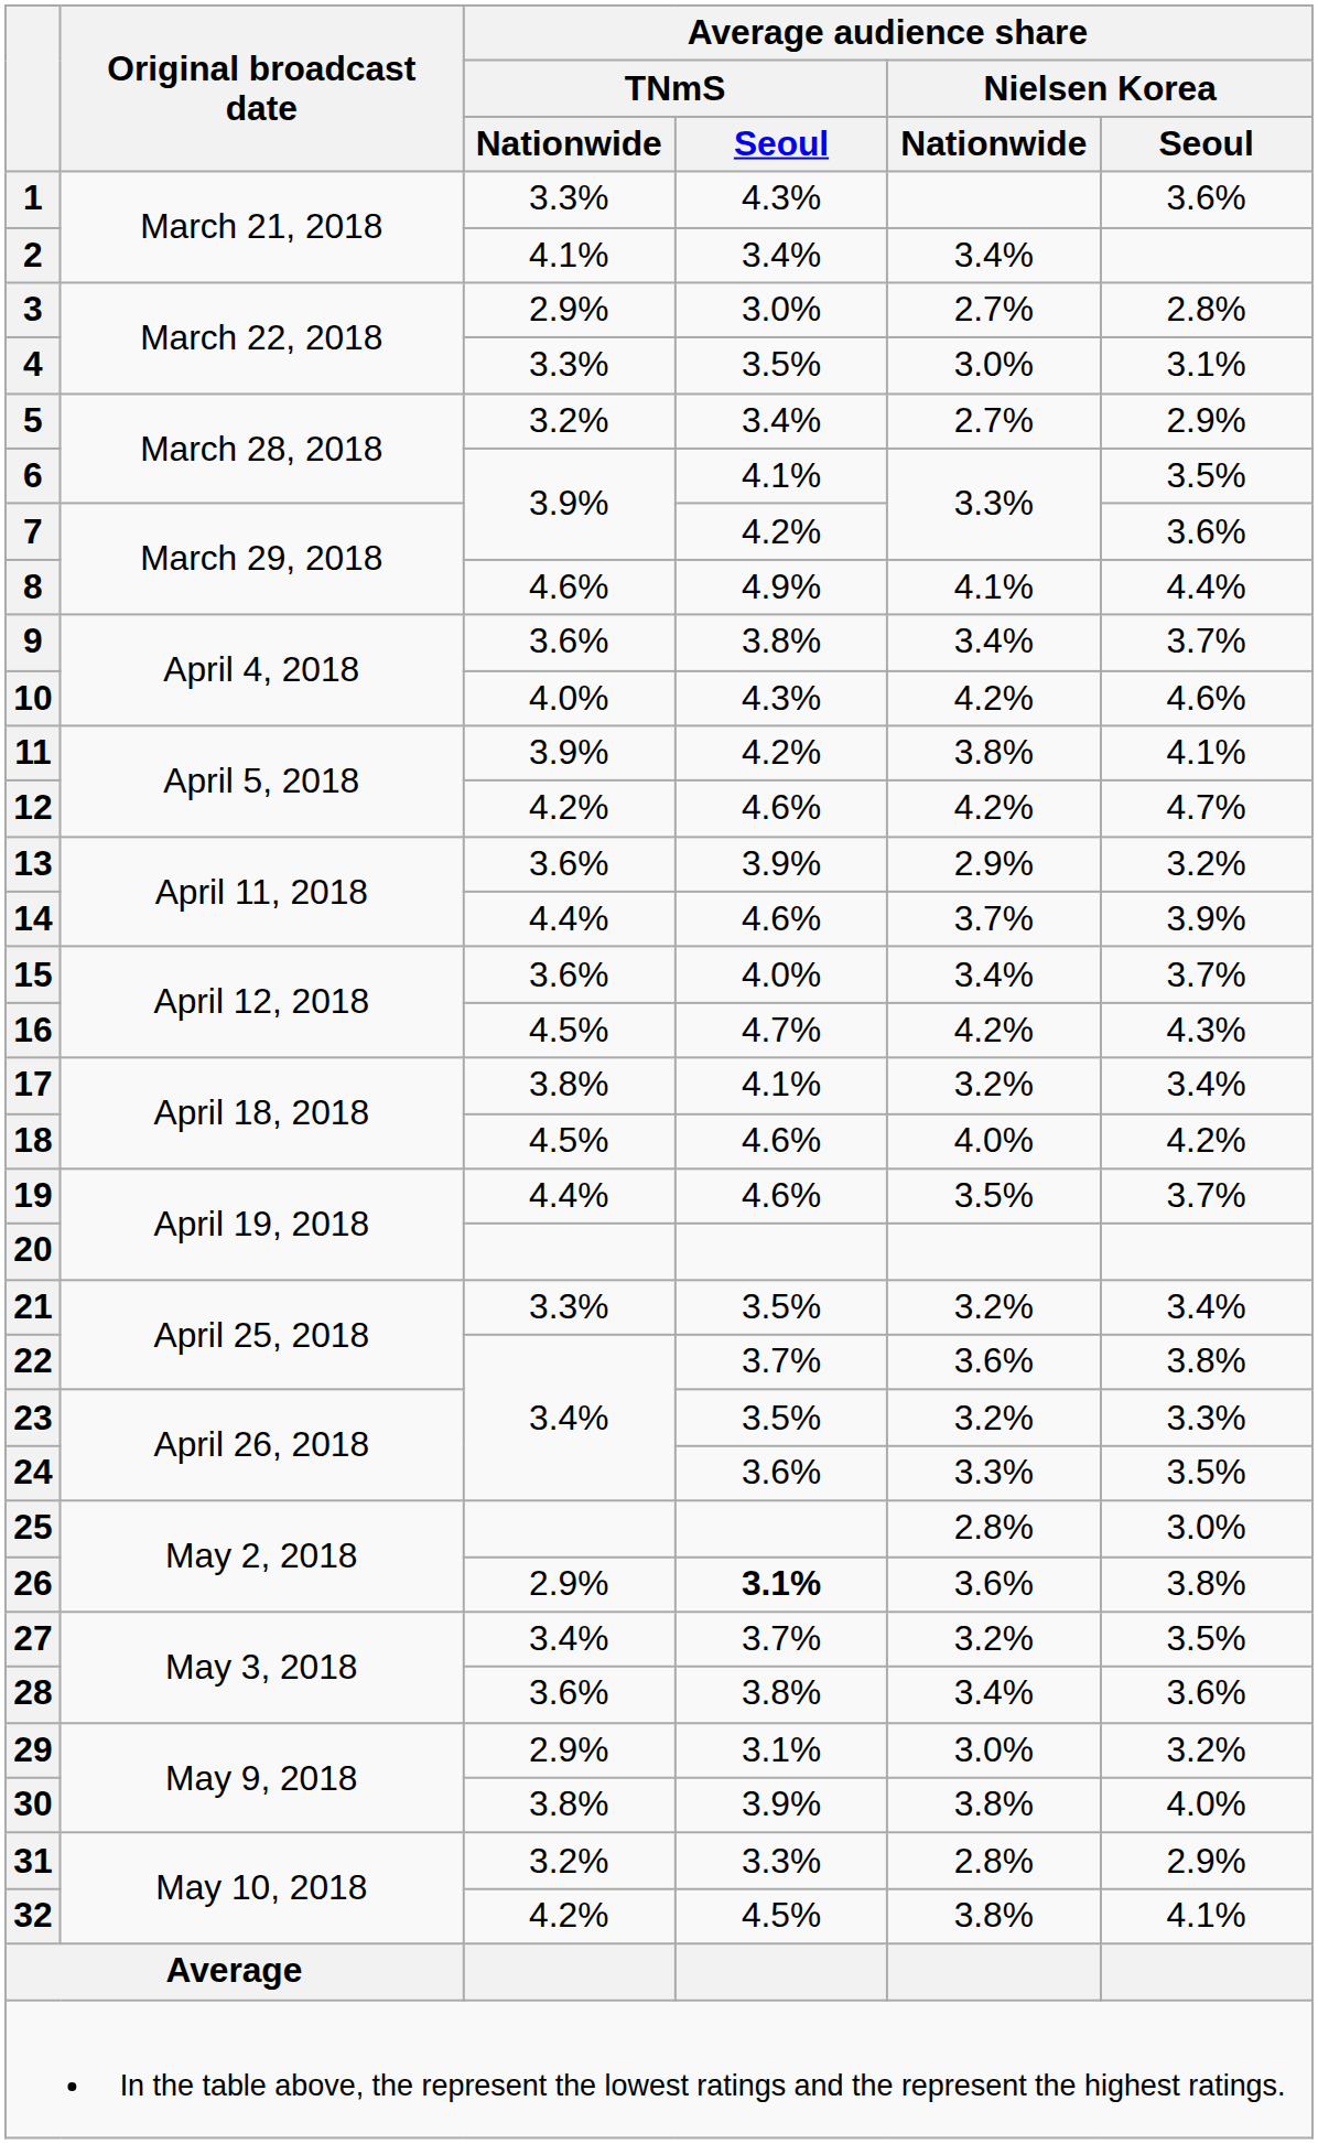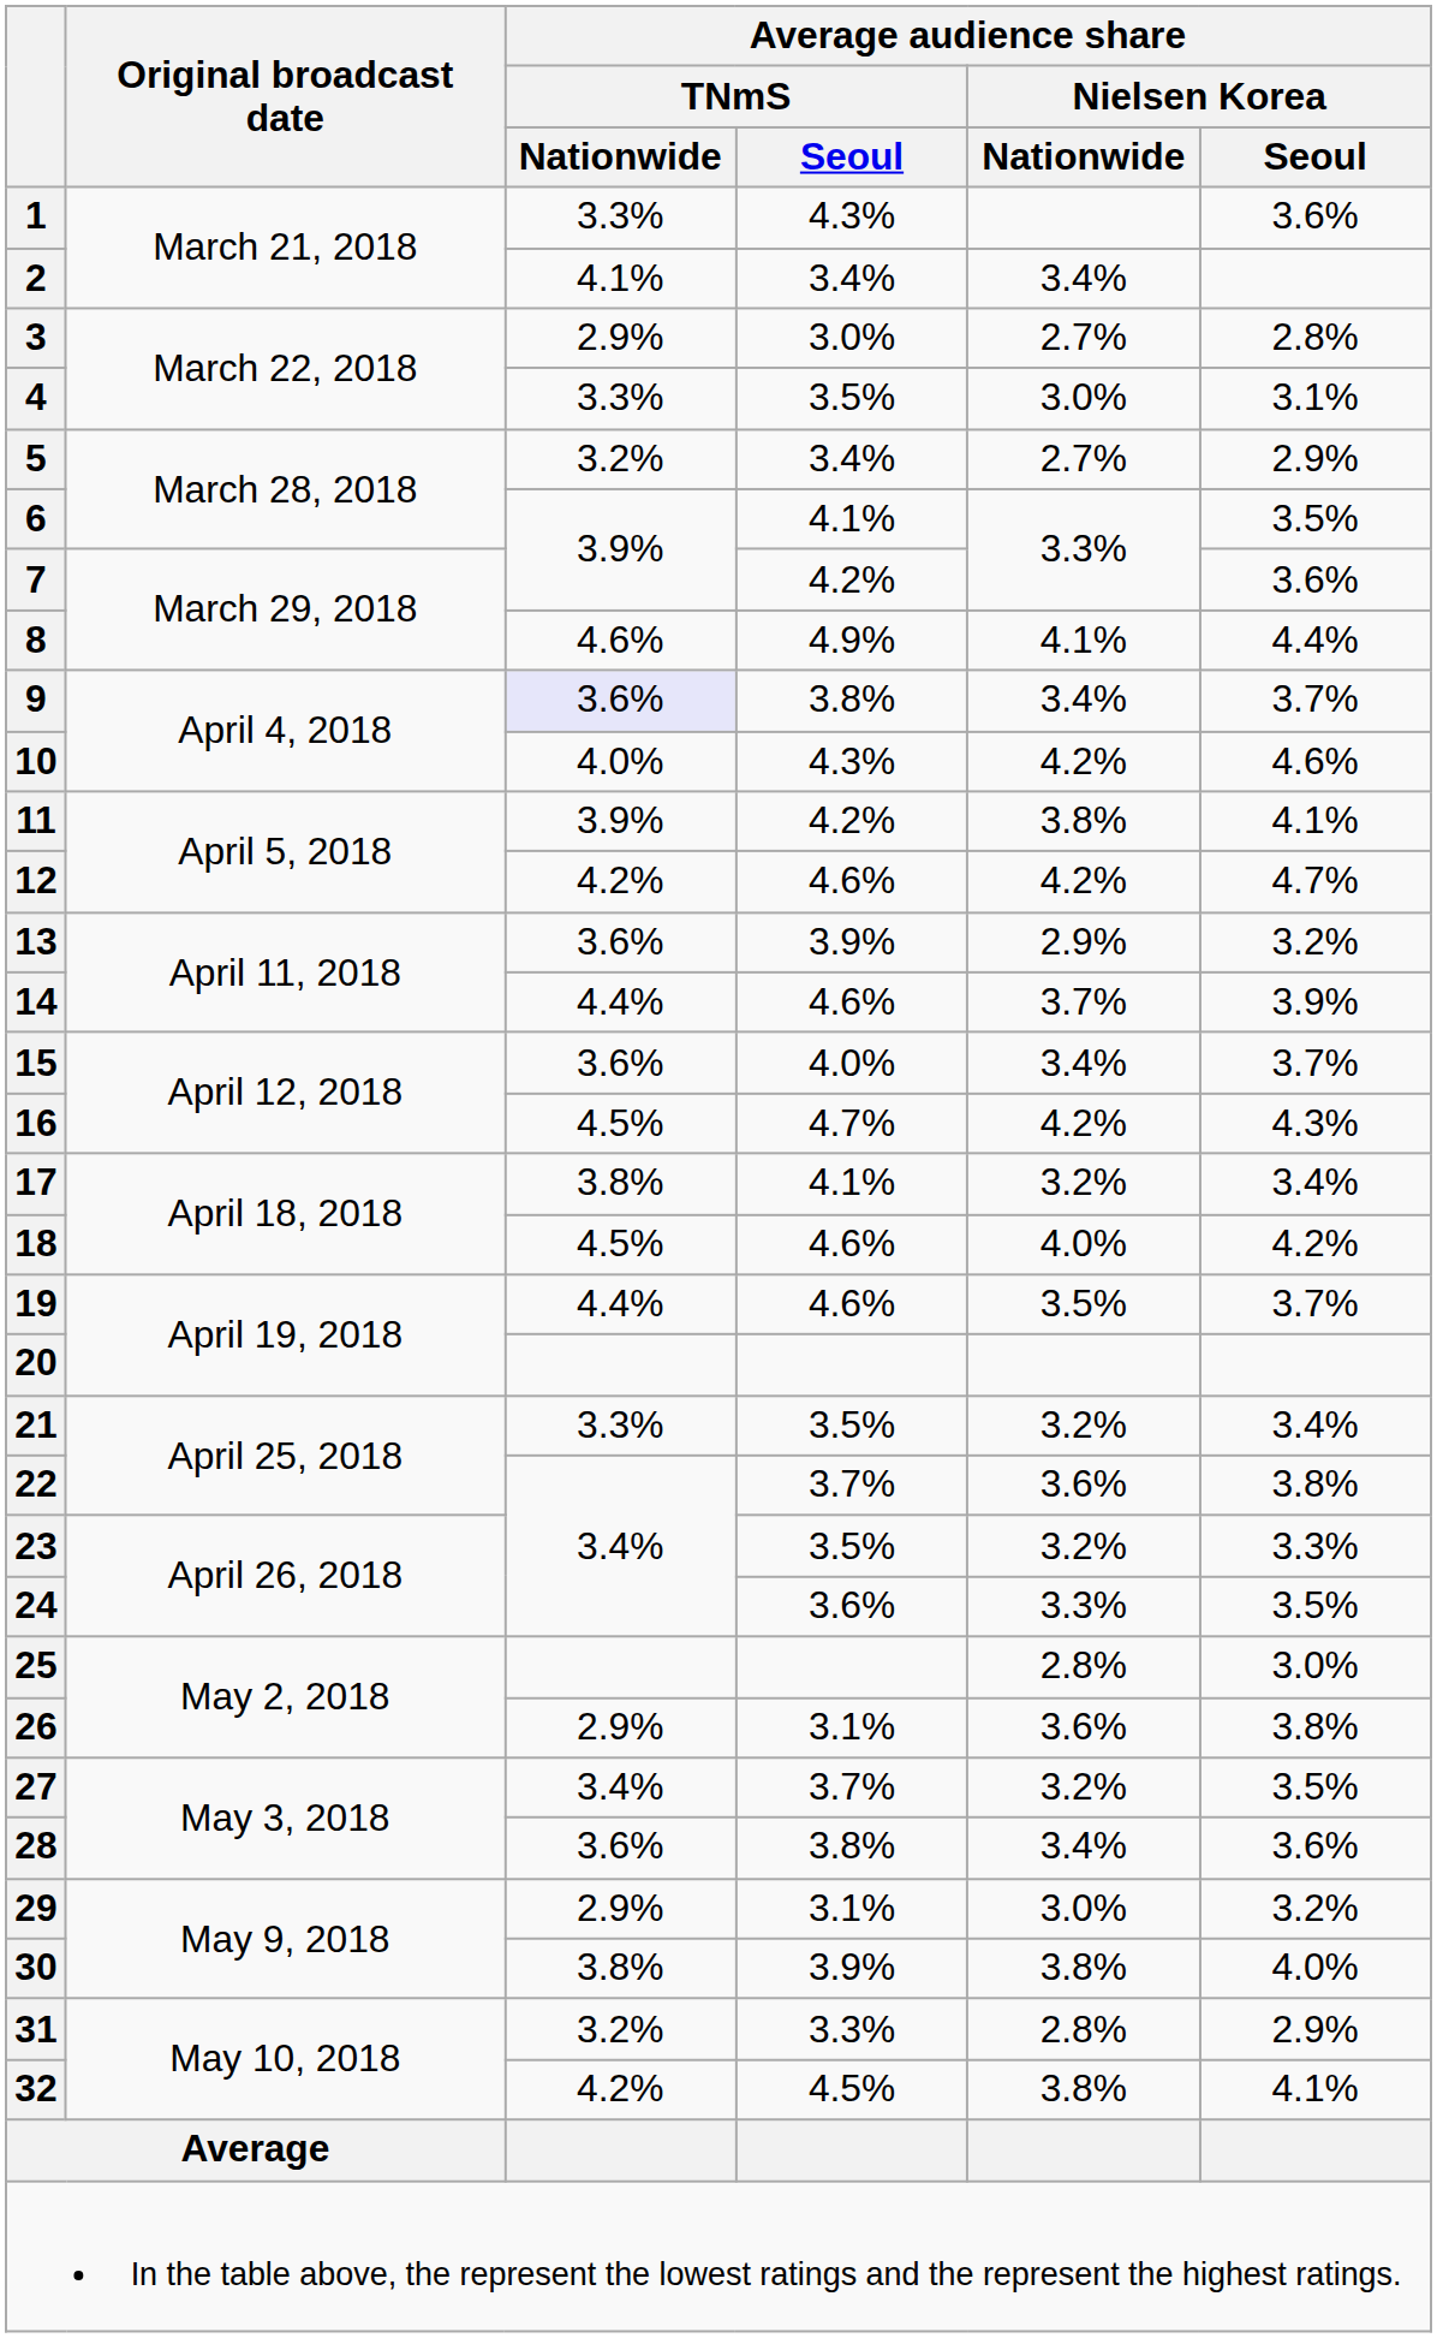 <table class="wikitable" style="text-align:center; width:600px">
 <tr>
 <th rowspan="3"></th>
 <th rowspan="3">Original broadcast date</th>
 <th colspan="4">Average audience share</th>
 </tr>
 <tr>
 <th colspan="2">TNmS</th>
 <th colspan="2">Nielsen Korea</th>
 </tr>
 <tr>
 <th width="90">Nationwide</th>
 <th width="90"><a href='#'>Seoul</a></th>
 <th width="90">Nationwide</th>
 <th width="90">Seoul</th>
 </tr>
 <tr>
 <th>1</th>
 <td rowspan="2">March 21, 2018</td>
 <td>3.3%</td>
 <td>4.3%</td>
 <td></td>
 <td>3.6%</td>
 </tr>
 <tr>
 <th>2</th>
 <td>4.1%</td>
 <td>3.4%</td>
 <td>3.4%</td>
 <td></td>
 </tr>
 <tr>
 <th>3</th>
 <td rowspan="2">March 22, 2018</td>
 <td>2.9%</td>
 <td>3.0%</td>
 <td>2.7%</td>
 <td>2.8%</td>
 </tr>
 <tr>
 <th>4</th>
 <td>3.3%</td>
 <td>3.5%</td>
 <td>3.0%</td>
 <td>3.1%</td>
 </tr>
 <tr>
 <th>5</th>
 <td rowspan="2">March 28, 2018</td>
 <td>3.2%</td>
 <td>3.4%</td>
 <td>2.7%</td>
 <td>2.9%</td>
 </tr>
 <tr>
 <th>6</th>
 <td rowspan="2">3.9%</td>
 <td>4.1%</td>
 <td rowspan="2">3.3%</td>
 <td>3.5%</td>
 </tr>
 <tr>
 <th>7</th>
 <td rowspan="2">March 29, 2018</td>
 <td>4.2%</td>
 <td>3.6%</td>
 </tr>
 <tr>
 <th>8</th>
 <td>4.6%</td>
 <td>4.9%</td>
 <td>4.1%</td>
 <td>4.4%</td>
 </tr>
 <tr>
 <th>9</th>
 <td rowspan="2">April 4, 2018</td>
-<td>3.6%</td>
+<td style="background: lavender;">3.6%</td>
 <td>3.8%</td>
 <td>3.4%</td>
 <td>3.7%</td>
 </tr>
 <tr>
 <th>10</th>
 <td>4.0%</td>
 <td>4.3%</td>
 <td>4.2%</td>
 <td>4.6%</td>
 </tr>
 <tr>
 <th>11</th>
 <td rowspan="2">April 5, 2018</td>
 <td>3.9%</td>
 <td>4.2%</td>
 <td>3.8%</td>
 <td>4.1%</td>
 </tr>
 <tr>
 <th>12</th>
 <td>4.2%</td>
 <td>4.6%</td>
 <td>4.2%</td>
 <td>4.7%</td>
 </tr>
 <tr>
 <th>13</th>
 <td rowspan="2">April 11, 2018</td>
 <td>3.6%</td>
 <td>3.9%</td>
 <td>2.9%</td>
 <td>3.2%</td>
 </tr>
 <tr>
 <th>14</th>
 <td>4.4%</td>
 <td>4.6%</td>
 <td>3.7%</td>
 <td>3.9%</td>
 </tr>
 <tr>
 <th>15</th>
 <td rowspan="2">April 12, 2018</td>
 <td>3.6%</td>
 <td>4.0%</td>
 <td>3.4%</td>
 <td>3.7%</td>
 </tr>
 <tr>
 <th>16</th>
 <td>4.5%</td>
 <td>4.7%</td>
 <td>4.2%</td>
 <td>4.3%</td>
 </tr>
 <tr>
 <th>17</th>
 <td rowspan="2">April 18, 2018</td>
 <td>3.8%</td>
 <td>4.1%</td>
 <td>3.2%</td>
 <td>3.4%</td>
 </tr>
 <tr>
 <th>18</th>
 <td>4.5%</td>
 <td>4.6%</td>
 <td>4.0%</td>
 <td>4.2%</td>
 </tr>
 <tr>
 <th>19</th>
 <td rowspan="2">April 19, 2018</td>
 <td>4.4%</td>
 <td>4.6%</td>
 <td>3.5%</td>
 <td>3.7%</td>
 </tr>
 <tr>
 <th>20</th>
 <td></td>
 <td></td>
 <td></td>
 <td></td>
 </tr>
 <tr>
 <th>21</th>
 <td rowspan="2">April 25, 2018</td>
 <td>3.3%</td>
 <td>3.5%</td>
 <td>3.2%</td>
 <td>3.4%</td>
 </tr>
 <tr>
 <th>22</th>
 <td rowspan="3">3.4%</td>
 <td>3.7%</td>
 <td>3.6%</td>
 <td>3.8%</td>
 </tr>
 <tr>
 <th>23</th>
 <td rowspan="2">April 26, 2018</td>
 <td>3.5%</td>
 <td>3.2%</td>
 <td>3.3%</td>
 </tr>
 <tr>
 <th>24</th>
 <td>3.6%</td>
 <td>3.3%</td>
 <td>3.5%</td>
 </tr>
 <tr>
 <th>25</th>
 <td rowspan="2">May 2, 2018</td>
 <td></td>
 <td></td>
 <td>2.8%</td>
 <td>3.0%</td>
 </tr>
 <tr>
 <th>26</th>
 <td>2.9%</td>
-<td><strong>3.1%</strong></td>
+<td>3.1%</td>
 <td>3.6%</td>
 <td>3.8%</td>
 </tr>
 <tr>
 <th>27</th>
 <td rowspan="2">May 3, 2018</td>
 <td>3.4%</td>
 <td>3.7%</td>
 <td>3.2%</td>
 <td>3.5%</td>
 </tr>
 <tr>
 <th>28</th>
 <td>3.6%</td>
 <td>3.8%</td>
 <td>3.4%</td>
 <td>3.6%</td>
 </tr>
 <tr>
 <th>29</th>
 <td rowspan="2">May 9, 2018</td>
 <td>2.9%</td>
 <td>3.1%</td>
 <td>3.0%</td>
 <td>3.2%</td>
 </tr>
 <tr>
 <th>30</th>
 <td>3.8%</td>
 <td>3.9%</td>
 <td>3.8%</td>
 <td>4.0%</td>
 </tr>
 <tr>
 <th>31</th>
 <td rowspan="2">May 10, 2018</td>
 <td>3.2%</td>
 <td>3.3%</td>
 <td>2.8%</td>
 <td>2.9%</td>
 </tr>
 <tr>
 <th>32</th>
 <td>4.2%</td>
 <td>4.5%</td>
 <td>3.8%</td>
 <td>4.1%</td>
 </tr>
 <tr>
 <th colspan="2">Average</th>
 <th></th>
 <th></th>
 <th></th>
 <th></th>
 </tr>
 <tr>
 <td colspan="6" style="font-size:85%"><br><ul><li>In the table above, the <strong></strong> represent the lowest ratings and the <strong></strong> represent the highest ratings.</li></ul></td>
 </tr>
 </table>
